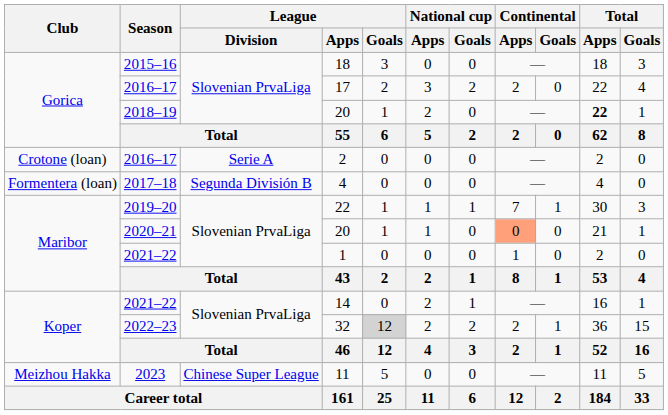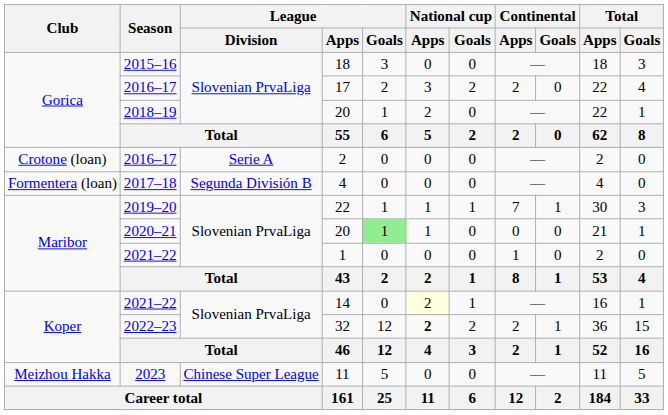 <table class="wikitable" style="text-align:center">
 <tr>
 <th rowspan=2>Club</th>
 <th rowspan=2>Season</th>
 <th colspan=3>League</th>
 <th colspan=2>National cup</th>
 <th colspan=2>Continental</th>
 <th colspan=2>Total</th>
 </tr>
 <tr>
 <th>Division</th>
 <th>Apps</th>
 <th>Goals</th>
 <th>Apps</th>
 <th>Goals</th>
 <th>Apps</th>
 <th>Goals</th>
 <th>Apps</th>
 <th>Goals</th>
 </tr>
 <tr>
 <td rowspan="4"><a href='#'>Gorica</a></td>
 <td><a href='#'>2015–16</a></td>
 <td rowspan="3"><a href='#'>Slovenian PrvaLiga</a></td>
 <td>18</td>
 <td>3</td>
 <td>0</td>
 <td>0</td>
 <td colspan=2>—</td>
 <td>18</td>
 <td>3</td>
 </tr>
 <tr>
 <td><a href='#'>2016–17</a></td>
 <td>17</td>
 <td>2</td>
 <td>3</td>
 <td>2</td>
 <td>2</td>
 <td>0</td>
 <td>22</td>
 <td>4</td>
 </tr>
 <tr>
 <td><a href='#'>2018–19</a></td>
 <td>20</td>
 <td>1</td>
 <td>2</td>
 <td>0</td>
 <td colspan=2>—</td>
-<td><strong>22</strong></td>
+<td>22</td>
 <td>1</td>
 </tr>
 <tr>
 <th colspan=2>Total</th>
 <th>55</th>
 <th>6</th>
 <th>5</th>
 <th>2</th>
 <th>2</th>
 <th>0</th>
 <th>62</th>
 <th>8</th>
 </tr>
 <tr>
 <td><a href='#'>Crotone</a> (loan)</td>
 <td><a href='#'>2016–17</a></td>
 <td><a href='#'>Serie A</a></td>
 <td>2</td>
 <td>0</td>
 <td>0</td>
 <td>0</td>
 <td colspan=2>—</td>
 <td>2</td>
 <td>0</td>
 </tr>
 <tr>
 <td><a href='#'>Formentera</a> (loan)</td>
 <td><a href='#'>2017–18</a></td>
 <td><a href='#'>Segunda División B</a></td>
 <td>4</td>
 <td>0</td>
 <td>0</td>
 <td>0</td>
 <td colspan=2>—</td>
 <td>4</td>
 <td>0</td>
 </tr>
 <tr>
 <td rowspan="4"><a href='#'>Maribor</a></td>
 <td><a href='#'>2019–20</a></td>
 <td rowspan="3">Slovenian PrvaLiga</td>
 <td>22</td>
 <td>1</td>
 <td>1</td>
 <td>1</td>
 <td>7</td>
 <td>1</td>
 <td>30</td>
 <td>3</td>
 </tr>
 <tr>
 <td><a href='#'>2020–21</a></td>
 <td>20</td>
-<td>1</td>
+<td style="background: lightgreen;">1</td>
 <td>1</td>
 <td>0</td>
-<td style="background: lightsalmon;">0</td>
+<td>0</td>
 <td>0</td>
 <td>21</td>
 <td>1</td>
 </tr>
 <tr>
 <td><a href='#'>2021–22</a></td>
 <td>1</td>
 <td>0</td>
 <td>0</td>
 <td>0</td>
 <td>1</td>
 <td>0</td>
 <td>2</td>
 <td>0</td>
 </tr>
 <tr>
 <th colspan=2>Total</th>
 <th>43</th>
 <th>2</th>
 <th>2</th>
 <th>1</th>
 <th>8</th>
 <th>1</th>
 <th>53</th>
 <th>4</th>
 </tr>
 <tr>
 <td rowspan="3"><a href='#'>Koper</a></td>
 <td><a href='#'>2021–22</a></td>
 <td rowspan="2">Slovenian PrvaLiga</td>
 <td>14</td>
 <td>0</td>
-<td>2</td>
+<td style="background: lightyellow;">2</td>
 <td>1</td>
 <td colspan=2>—</td>
 <td>16</td>
 <td>1</td>
 </tr>
 <tr>
 <td><a href='#'>2022–23</a></td>
 <td>32</td>
-<td style="background: lightgrey;">12</td>
-<td>2</td>
+<td>12</td>
+<td><strong>2</strong></td>
 <td>2</td>
 <td>2</td>
 <td>1</td>
 <td>36</td>
 <td>15</td>
 </tr>
 <tr>
 <th colspan=2>Total</th>
 <th>46</th>
 <th>12</th>
 <th>4</th>
 <th>3</th>
 <th>2</th>
 <th>1</th>
 <th>52</th>
 <th>16</th>
 </tr>
 <tr>
 <td><a href='#'>Meizhou Hakka</a></td>
 <td><a href='#'>2023</a></td>
 <td><a href='#'>Chinese Super League</a></td>
 <td>11</td>
 <td>5</td>
 <td>0</td>
 <td>0</td>
 <td colspan=2>—</td>
 <td>11</td>
 <td>5</td>
 </tr>
 <tr>
 <th colspan=3>Career total</th>
 <th>161</th>
 <th>25</th>
 <th>11</th>
 <th>6</th>
 <th>12</th>
 <th>2</th>
 <th>184</th>
 <th>33</th>
 </tr>
 </table>
